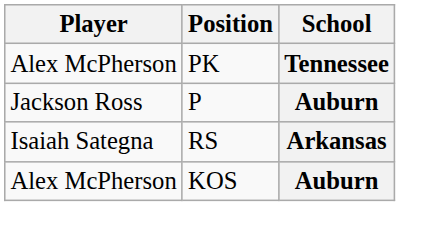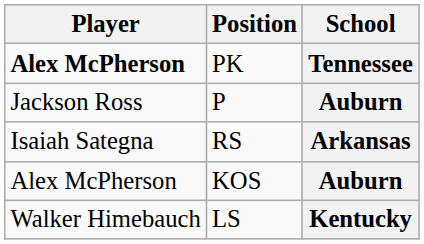 <table class="wikitable" border="0">
 <tr>
 <th>Player</th>
 <th>Position</th>
 <th>School</th>
 </tr>
 <tr>
-<td>Alex McPherson</td>
+<td><strong>Alex McPherson</strong></td>
 <td>PK</td>
 <th>Tennessee</th>
 </tr>
 <tr>
 <td>Jackson Ross</td>
 <td>P</td>
 <th>Auburn</th>
 </tr>
 <tr>
 <td>Isaiah Sategna</td>
 <td>RS</td>
 <th>Arkansas</th>
 </tr>
 <tr>
 <td>Alex McPherson</td>
 <td>KOS</td>
 <th>Auburn</th>
 </tr>
+<tr>
+<td>Walker Himebauch</td>
+<td>LS</td>
+<th>Kentucky</th>
+</tr>
 </table>
